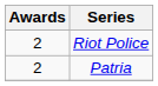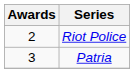 <table class="wikitable plainrowheaders" style="text-align:center;">
 <tr>
 <th scope="col" style="width:55px;">Awards</th>
 <th scope="col" style="text-align:center;">Series</th>
 </tr>
 <tr>
 <td style="text-align:center">2</td>
 <td><em><a href='#'>Riot Police</a></em></td>
 </tr>
 <tr>
-<td style="text-align:center">2</td>
+<td style="text-align:center">3</td>
 <td><em><a href='#'>Patria</a></em></td>
 </tr>
 <tr>
 </tr>
 </table>
